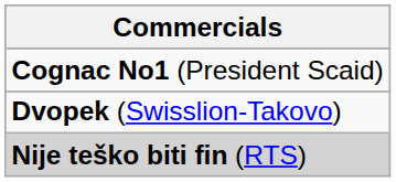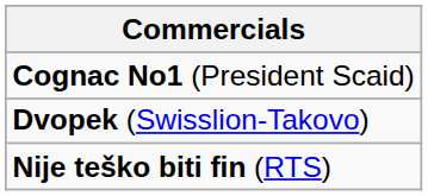 <table class="wikitable" style="font-size: 90%;">
 <tr>
 <th>Commercials</th>
 </tr>
 <tr>
 <td><strong>Cognac No1</strong> (President Scaid)</td>
 </tr>
 <tr>
 <td><strong>Dvopek</strong> (<a href='#'>Swisslion-Takovo</a>)</td>
 </tr>
 <tr>
-<td style="background: lightgrey;"><strong>Nije teško biti fin</strong> (<a href='#'>RTS</a>)</td>
+<td><strong>Nije teško biti fin</strong> (<a href='#'>RTS</a>)</td>
 </tr>
 </table>
